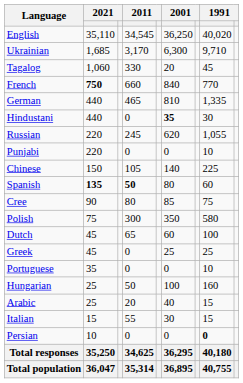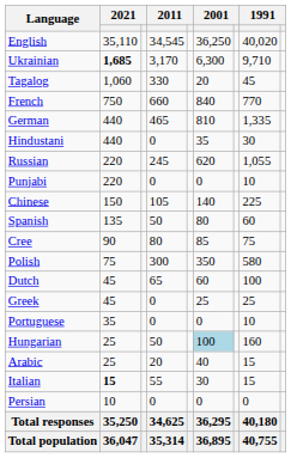 <table class="wikitable collapsible sortable">
 <tr>
 <th rowspan="2">Language</th>
 <th colspan="2">2021</th>
 <th colspan="2">2011</th>
 <th colspan="2">2001</th>
 <th colspan="2">1991</th>
 </tr>
 <tr>
 <th><a href='#'></a></th>
 <th></th>
 <th></th>
 <th></th>
 <th></th>
 <th></th>
 <th></th>
 <th></th>
 </tr>
 <tr>
 <td><a href='#'>English</a></td>
 <td>35,110</td>
 <td></td>
 <td>34,545</td>
 <td></td>
 <td>36,250</td>
 <td></td>
 <td>40,020</td>
 <td></td>
 </tr>
 <tr>
 <td><a href='#'>Ukrainian</a></td>
-<td>1,685</td>
+<td><strong>1,685</strong></td>
 <td></td>
 <td>3,170</td>
 <td></td>
 <td>6,300</td>
 <td></td>
 <td>9,710</td>
 <td></td>
 </tr>
 <tr>
 <td><a href='#'>Tagalog</a></td>
 <td>1,060</td>
 <td></td>
 <td>330</td>
 <td></td>
 <td>20</td>
 <td></td>
 <td>45</td>
 <td></td>
 </tr>
 <tr>
 <td><a href='#'>French</a></td>
-<td><strong>750</strong></td>
+<td>750</td>
 <td></td>
 <td>660</td>
 <td></td>
 <td>840</td>
 <td></td>
 <td>770</td>
 <td></td>
 </tr>
 <tr>
 <td><a href='#'>German</a></td>
 <td>440</td>
 <td></td>
 <td>465</td>
 <td></td>
 <td>810</td>
 <td></td>
 <td>1,335</td>
 <td></td>
 </tr>
 <tr>
 <td><a href='#'>Hindustani</a></td>
 <td>440</td>
 <td></td>
 <td>0</td>
 <td></td>
-<td><strong>35</strong></td>
+<td>35</td>
 <td></td>
 <td>30</td>
 <td></td>
 </tr>
 <tr>
 <td><a href='#'>Russian</a></td>
 <td>220</td>
 <td></td>
 <td>245</td>
 <td></td>
 <td>620</td>
 <td></td>
 <td>1,055</td>
 <td></td>
 </tr>
 <tr>
 <td><a href='#'>Punjabi</a></td>
 <td>220</td>
 <td></td>
 <td>0</td>
 <td></td>
 <td>0</td>
 <td></td>
 <td>10</td>
 <td></td>
 </tr>
 <tr>
 <td><a href='#'>Chinese</a></td>
 <td>150</td>
 <td></td>
 <td>105</td>
 <td></td>
 <td>140</td>
 <td></td>
 <td>225</td>
 <td></td>
 </tr>
 <tr>
 <td><a href='#'>Spanish</a></td>
-<td><strong>135</strong></td>
+<td>135</td>
 <td></td>
-<td><strong>50</strong></td>
+<td>50</td>
 <td></td>
 <td>80</td>
 <td></td>
 <td>60</td>
 <td></td>
 </tr>
 <tr>
 <td><a href='#'>Cree</a></td>
 <td>90</td>
 <td></td>
 <td>80</td>
 <td></td>
 <td>85</td>
 <td></td>
 <td>75</td>
 <td></td>
 </tr>
 <tr>
 <td><a href='#'>Polish</a></td>
 <td>75</td>
 <td></td>
 <td>300</td>
 <td></td>
 <td>350</td>
 <td></td>
 <td>580</td>
 <td></td>
 </tr>
 <tr>
 <td><a href='#'>Dutch</a></td>
 <td>45</td>
 <td></td>
 <td>65</td>
 <td></td>
 <td>60</td>
 <td></td>
 <td>100</td>
 <td></td>
 </tr>
 <tr>
 <td><a href='#'>Greek</a></td>
 <td>45</td>
 <td></td>
 <td>0</td>
 <td></td>
 <td>25</td>
 <td></td>
 <td>25</td>
 <td></td>
 </tr>
 <tr>
 <td><a href='#'>Portuguese</a></td>
 <td>35</td>
 <td></td>
 <td>0</td>
 <td></td>
 <td>0</td>
 <td></td>
 <td>10</td>
 <td></td>
 </tr>
 <tr>
 <td><a href='#'>Hungarian</a></td>
 <td>25</td>
 <td></td>
 <td>50</td>
 <td></td>
-<td>100</td>
+<td style="background: lightblue;">100</td>
 <td></td>
 <td>160</td>
 <td></td>
 </tr>
 <tr>
 <td><a href='#'>Arabic</a></td>
 <td>25</td>
 <td></td>
 <td>20</td>
 <td></td>
 <td>40</td>
 <td></td>
 <td>15</td>
 <td></td>
 </tr>
 <tr>
 <td><a href='#'>Italian</a></td>
-<td>15</td>
+<td><strong>15</strong></td>
 <td></td>
 <td>55</td>
 <td></td>
 <td>30</td>
 <td></td>
 <td>15</td>
 <td></td>
 </tr>
 <tr>
 <td><a href='#'>Persian</a></td>
 <td>10</td>
 <td></td>
 <td>0</td>
 <td></td>
 <td>0</td>
 <td></td>
-<td><strong>0</strong></td>
+<td>0</td>
 <td></td>
 </tr>
 <tr>
 <th>Total responses</th>
 <th>35,250</th>
 <th></th>
 <th>34,625</th>
 <th></th>
 <th>36,295</th>
 <th></th>
 <th>40,180</th>
 <th></th>
 </tr>
 <tr>
 <th>Total population</th>
 <th>36,047</th>
 <th></th>
 <th>35,314</th>
 <th></th>
 <th>36,895</th>
 <th></th>
 <th>40,755</th>
 <th></th>
 </tr>
 </table>
